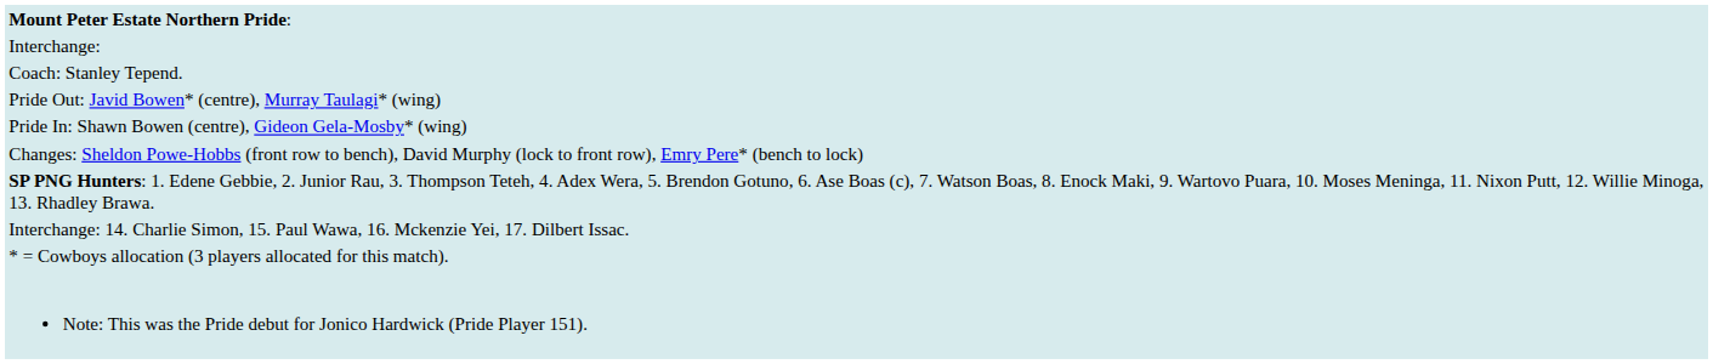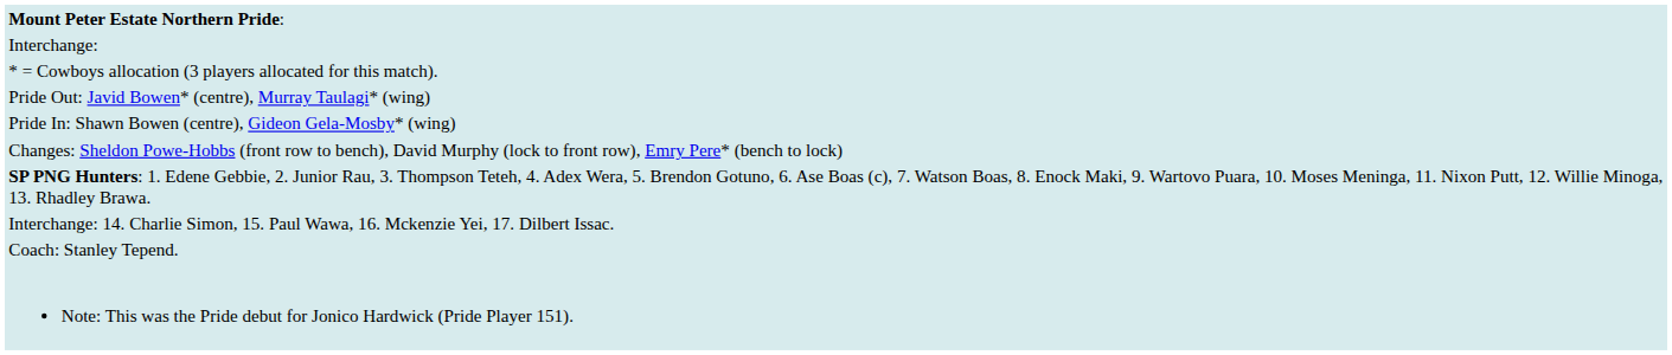 <table style="background:#d7ebed; font-size:85%; width:100%;">
 <tr>
 <td><strong>Mount Peter Estate Northern Pride</strong>:             </td>
 </tr>
 <tr>
 <td>Interchange:    </td>
 </tr>
 <tr>
-<td>Coach: Stanley Tepend.</td>
+<td>* = Cowboys allocation (3 players allocated for this match).</td>
 </tr>
 <tr>
 <td>Pride Out: <a href='#'>Javid Bowen</a>* (centre), <a href='#'>Murray Taulagi</a>* (wing)</td>
 </tr>
 <tr>
 <td>Pride In: Shawn Bowen (centre), <a href='#'>Gideon Gela-Mosby</a>* (wing)</td>
 </tr>
 <tr>
 <td>Changes: <a href='#'>Sheldon Powe-Hobbs</a> (front row to bench), David Murphy (lock to front row), <a href='#'>Emry Pere</a>* (bench to lock)</td>
 </tr>
 <tr>
 <td><strong>SP PNG Hunters</strong>: 1. Edene Gebbie, 2. Junior Rau, 3. Thompson Teteh, 4. Adex Wera, 5. Brendon Gotuno, 6. Ase Boas (c), 7. Watson Boas, 8. Enock Maki, 9. Wartovo Puara, 10. Moses Meninga, 11. Nixon Putt, 12. Willie Minoga, 13. Rhadley Brawa.</td>
 </tr>
 <tr>
 <td>Interchange: 14. Charlie Simon, 15. Paul Wawa, 16. Mckenzie Yei, 17. Dilbert Issac.</td>
 </tr>
 <tr>
-<td>* = Cowboys allocation (3 players allocated for this match).</td>
+<td>Coach: Stanley Tepend.</td>
 </tr>
 <tr>
 <td><br><ul><li>Note: This was the Pride debut for Jonico Hardwick (Pride Player 151).</li></ul></td>
 </tr>
 <tr>
 </tr>
 </table>
